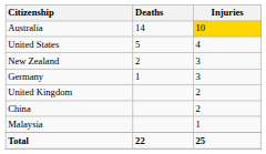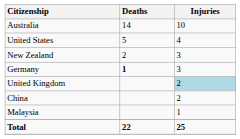 <table class="wikitable sortable floatright" style="font-size:88%; margin:0 0 1.5em 1.5em; width:30%">
 <tr>
 <th style="text-align:left;">Citizenship</th>
 <th style="text-align:left;">Deaths</th>
 <th>Injuries</th>
 </tr>
 <tr>
 <td style="text-align:left;">Australia</td>
 <td>14</td>
-<td style="background: gold;">10</td>
+<td>10</td>
 </tr>
 <tr>
 <td style="text-align:left;">United States</td>
 <td>5</td>
 <td>4</td>
 </tr>
 <tr>
 <td style="text-align:left;">New Zealand</td>
 <td>2</td>
 <td>3</td>
 </tr>
 <tr>
 <td style="text-align:left;">Germany</td>
-<td>1</td>
+<td><strong>1</strong></td>
 <td>3</td>
 </tr>
 <tr>
 <td style="text-align:left;">United Kingdom</td>
 <td></td>
-<td>2</td>
+<td style="background: lightblue;">2</td>
 </tr>
 <tr>
 <td style="text-align:left;">China</td>
 <td></td>
 <td>2</td>
 </tr>
 <tr>
 <td style="text-align:left;">Malaysia</td>
 <td></td>
 <td>1</td>
 </tr>
 <tr>
 </tr>
 <tr class="sortbottom">
 <td><strong>Total</strong></td>
 <td><strong>22</strong></td>
 <td><strong>25</strong></td>
 </tr>
 <tr>
 </tr>
 <tr class="sortbottom">
 </tr>
 </table>
